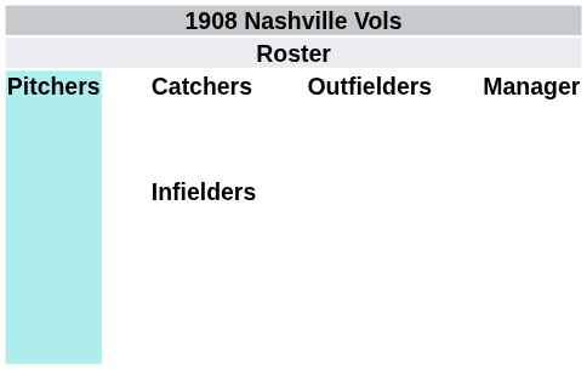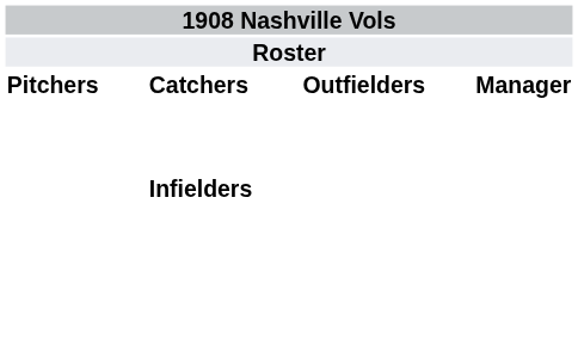 <table class="toccolours" style="font-size: 95%;">
 <tr>
 <th colspan="8" style="background-color: #c7cacc; color: #000000; text-align: center;">1908 Nashville Vols</th>
 </tr>
 <tr>
 <td colspan="8" style="background-color: #eaecf0; color: #000000; text-align: center;"><strong>Roster</strong></td>
 </tr>
 <tr>
-<td valign="top" style="background: paleturquoise;"><strong>Pitchers</strong><br><br><br><br><br><br><br></td>
+<td valign="top"><strong>Pitchers</strong><br><br><br><br><br><br><br></td>
 <td width="25px"></td>
 <td valign="top"><strong>Catchers</strong><br><br><br><br><strong>Infielders</strong> <br><br><br><br><br><br><br></td>
 <td width="25px"></td>
 <td valign="top"><strong>Outfielders</strong><br><br><br><br><br><br></td>
 <td width="25px"></td>
 <td valign="top"><strong>Manager</strong><br></td>
 </tr>
 </table>
